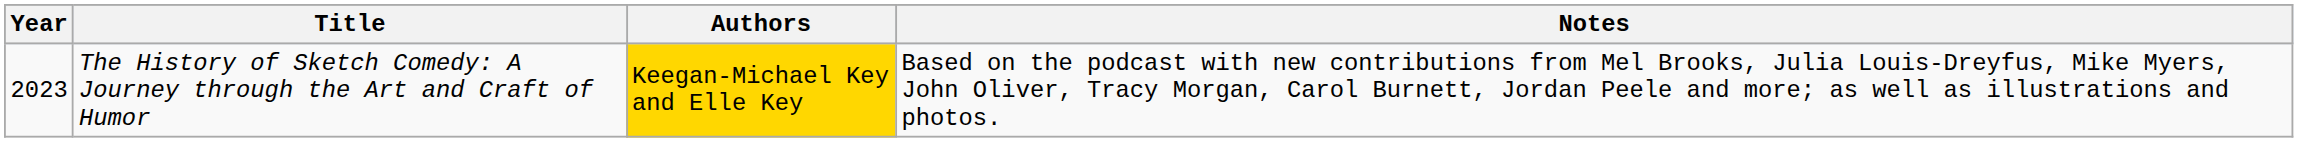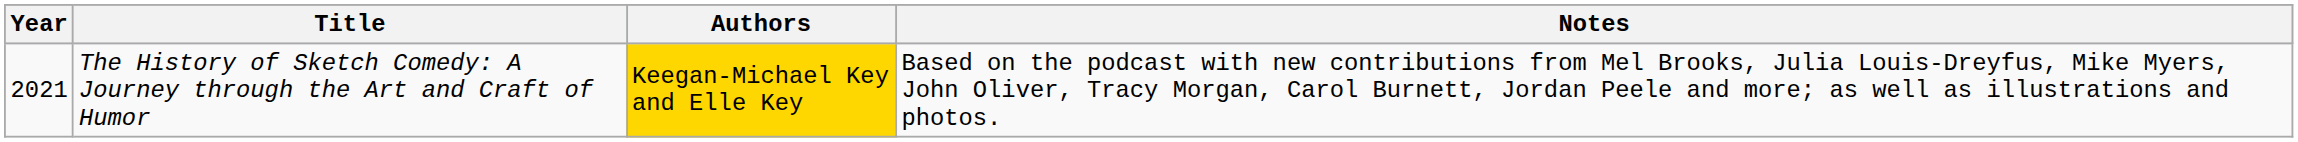 <table class="wikitable sortable">
 <tr style="background:#b0c4de; text-align:center;">
 <th>Year</th>
 <th>Title</th>
 <th>Authors</th>
 <th>Notes</th>
 </tr>
 <tr>
-<td>2023</td>
+<td>2021</td>
 <td><em>The History of Sketch Comedy: A Journey through the Art and Craft of Humor</em></td>
 <td style="background: gold;">Keegan-Michael Key and Elle Key</td>
 <td>Based on the podcast with new contributions from Mel Brooks, Julia Louis-Dreyfus, Mike Myers, John Oliver, Tracy Morgan, Carol Burnett, Jordan Peele and more; as well as illustrations and photos.</td>
 </tr>
 </table>
